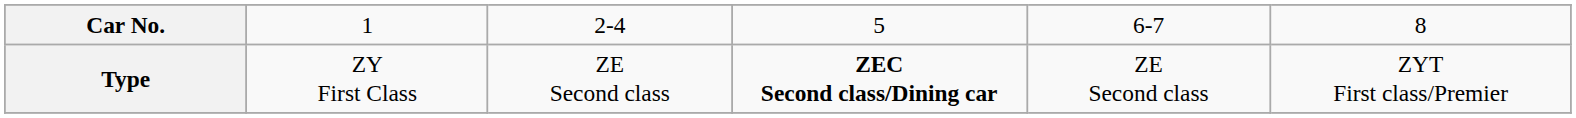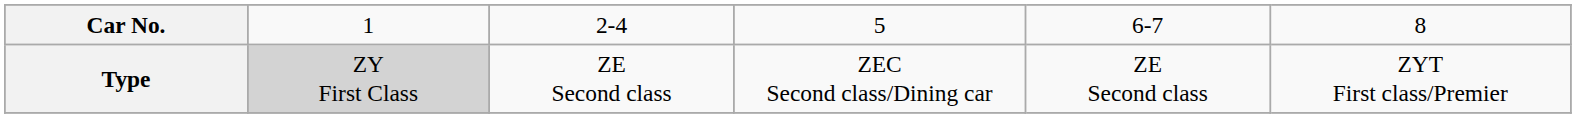 <table class="wikitable" style="text-align: center; font-size: small;">
 <tr>
 <th>Car No.</th>
 <td>1</td>
 <td>2-4</td>
 <td>5</td>
 <td>6-7</td>
 <td>8</td>
 </tr>
 <tr>
 <th style="width: 5%;">Type</th>
-<td style="width: 5%;">ZY<br>First Class</td>
+<td style="background: lightgrey; width: 5%;">ZY<br>First Class</td>
 <td style="width: 5%;">ZE<br>Second class</td>
-<td style="width: 5%;"><strong>ZEC<br>Second class/Dining car</strong></td>
+<td style="width: 5%;">ZEC<br>Second class/Dining car</td>
 <td style="width: 5%;">ZE<br>Second class</td>
 <td style="width: 5%;">ZYT<br>First class/Premier</td>
 </tr>
 </table>
